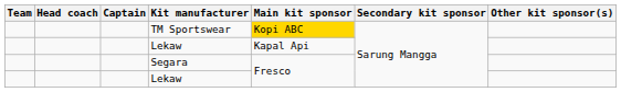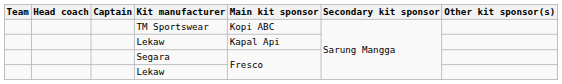 <table class="wikitable">
 <tr>
 <th>Team</th>
 <th>Head coach</th>
 <th>Captain</th>
 <th class="nowrap">Kit manufacturer</th>
 <th>Main kit sponsor</th>
 <th>Secondary kit sponsor</th>
 <th>Other kit sponsor(s)</th>
 </tr>
 <tr>
 <td></td>
 <td></td>
 <td></td>
 <td> TM Sportswear</td>
-<td style="background: gold;">Kopi ABC</td>
+<td>Kopi ABC</td>
 <td rowspan=4>Sarung Mangga</td>
 <td></td>
 </tr>
 <tr>
 <td></td>
 <td></td>
 <td></td>
 <td> Lekaw</td>
 <td>Kapal Api</td>
 <td></td>
 </tr>
 <tr>
 <td></td>
 <td></td>
 <td></td>
 <td> Segara</td>
 <td rowspan=2>Fresco</td>
 <td></td>
 </tr>
 <tr>
 <td></td>
 <td></td>
 <td></td>
 <td> Lekaw</td>
 <td></td>
 </tr>
 </table>
